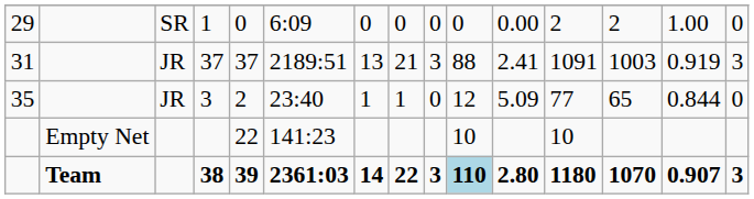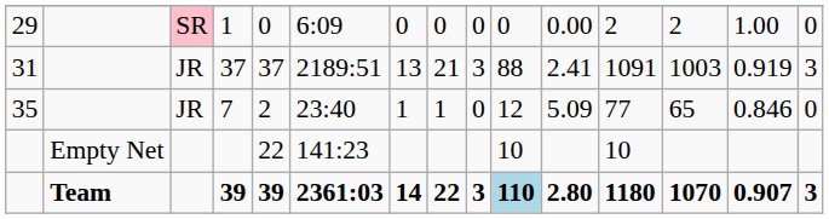 <table class="wikitable sortable">
 <tr align="center"  bgcolor="#dddddd">
 </tr>
 <tr>
 <td>29</td>
 <td></td>
-<td>SR</td>
+<td style="background: pink;">SR</td>
 <td>1</td>
 <td>0</td>
 <td>6:09</td>
 <td>0</td>
 <td>0</td>
 <td>0</td>
 <td>0</td>
 <td>0.00</td>
 <td>2</td>
 <td>2</td>
 <td>1.00</td>
 <td>0</td>
 </tr>
 <tr>
 <td>31</td>
 <td></td>
 <td>JR</td>
 <td>37</td>
 <td>37</td>
 <td>2189:51</td>
 <td>13</td>
 <td>21</td>
 <td>3</td>
 <td>88</td>
 <td>2.41</td>
 <td>1091</td>
 <td>1003</td>
 <td>0.919</td>
 <td>3</td>
 </tr>
 <tr>
 <td>35</td>
 <td></td>
 <td>JR</td>
-<td>3</td>
+<td>7</td>
 <td>2</td>
 <td>23:40</td>
 <td>1</td>
 <td>1</td>
 <td>0</td>
 <td>12</td>
 <td>5.09</td>
 <td>77</td>
 <td>65</td>
-<td>0.844</td>
+<td>0.846</td>
 <td>0</td>
 </tr>
 <tr>
 <td></td>
 <td>Empty Net</td>
 <td></td>
 <td></td>
 <td>22</td>
 <td>141:23</td>
 <td></td>
 <td></td>
 <td></td>
 <td>10</td>
 <td></td>
 <td>10</td>
 <td></td>
 <td></td>
 <td></td>
 </tr>
 <tr class="sortbottom">
 <td></td>
 <td><strong>Team</strong></td>
 <td></td>
-<td><strong>38</strong></td>
+<td><strong>39</strong></td>
 <td><strong>39</strong></td>
 <td><strong>2361:03</strong></td>
 <td><strong>14</strong></td>
 <td><strong>22</strong></td>
 <td><strong>3</strong></td>
 <td style="background: lightblue;"><strong>110</strong></td>
 <td><strong>2.80</strong></td>
 <td><strong>1180</strong></td>
 <td><strong>1070</strong></td>
 <td><strong>0.907</strong></td>
 <td><strong>3</strong></td>
 </tr>
 </table>
